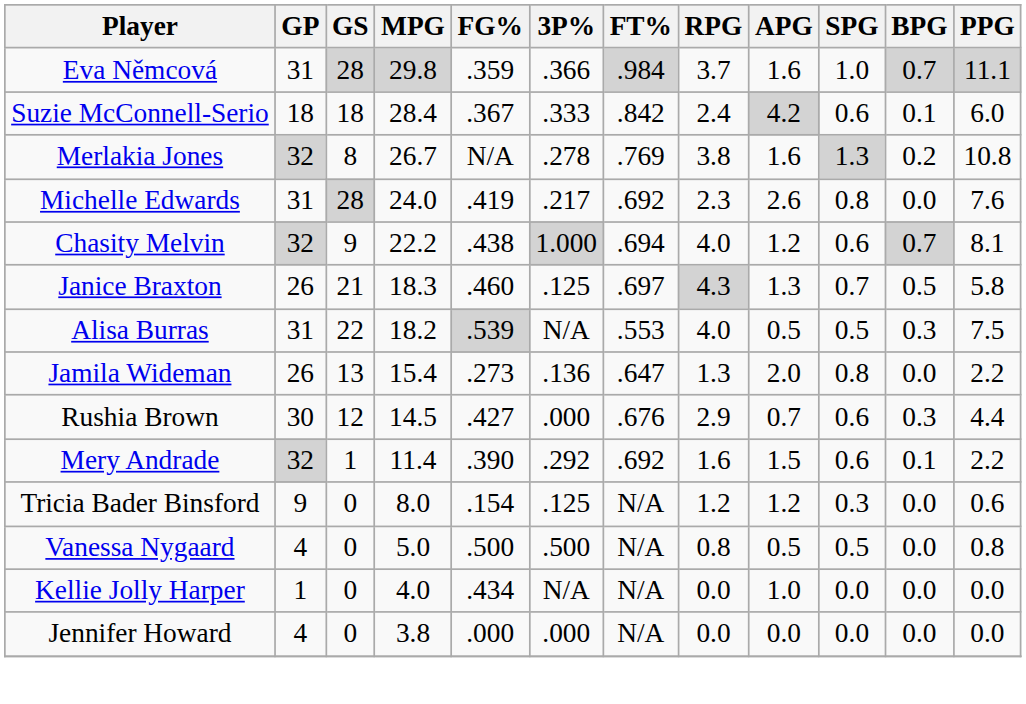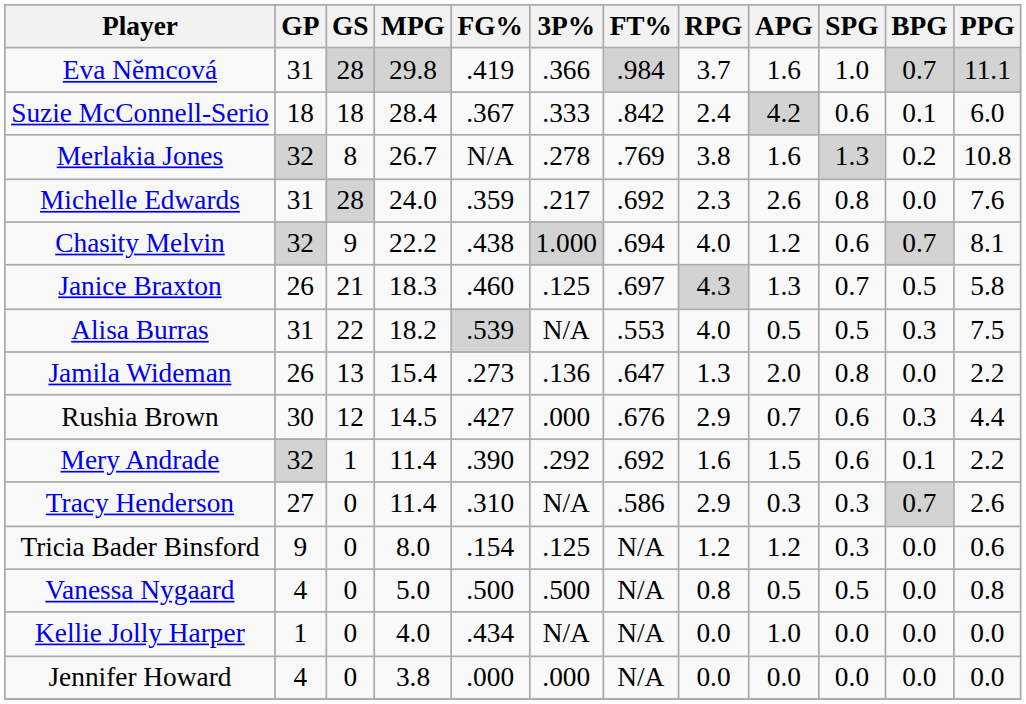 <table class="wikitable sortable" style="text-align:center;">
 <tr>
 <th>Player</th>
 <th>GP</th>
 <th>GS</th>
 <th>MPG</th>
 <th>FG%</th>
 <th>3P%</th>
 <th>FT%</th>
 <th>RPG</th>
 <th>APG</th>
 <th>SPG</th>
 <th>BPG</th>
 <th>PPG</th>
 </tr>
 <tr>
 <td><a href='#'>Eva Němcová</a></td>
 <td>31</td>
 <td style="background:#D3D3D3;">28</td>
 <td style="background:#D3D3D3;">29.8</td>
-<td>.359</td>
+<td>.419</td>
 <td>.366</td>
 <td style="background:#D3D3D3;">.984</td>
 <td>3.7</td>
 <td>1.6</td>
 <td>1.0</td>
 <td style="background:#D3D3D3;">0.7</td>
 <td style="background:#D3D3D3;">11.1</td>
 </tr>
 <tr>
 <td><a href='#'>Suzie McConnell-Serio</a></td>
 <td>18</td>
 <td>18</td>
 <td>28.4</td>
 <td>.367</td>
 <td>.333</td>
 <td>.842</td>
 <td>2.4</td>
 <td style="background:#D3D3D3;">4.2</td>
 <td>0.6</td>
 <td>0.1</td>
 <td>6.0</td>
 </tr>
 <tr>
 <td><a href='#'>Merlakia Jones</a></td>
 <td style="background:#D3D3D3;">32</td>
 <td>8</td>
 <td>26.7</td>
 <td>N/A</td>
 <td>.278</td>
 <td>.769</td>
 <td>3.8</td>
 <td>1.6</td>
 <td style="background:#D3D3D3;">1.3</td>
 <td>0.2</td>
 <td>10.8</td>
 </tr>
 <tr>
 <td><a href='#'>Michelle Edwards</a></td>
 <td>31</td>
 <td style="background:#D3D3D3;">28</td>
 <td>24.0</td>
-<td>.419</td>
+<td>.359</td>
 <td>.217</td>
 <td>.692</td>
 <td>2.3</td>
 <td>2.6</td>
 <td>0.8</td>
 <td>0.0</td>
 <td>7.6</td>
 </tr>
 <tr>
 <td><a href='#'>Chasity Melvin</a></td>
 <td style="background:#D3D3D3;">32</td>
 <td>9</td>
 <td>22.2</td>
 <td>.438</td>
 <td style="background:#D3D3D3;">1.000</td>
 <td>.694</td>
 <td>4.0</td>
 <td>1.2</td>
 <td>0.6</td>
 <td style="background:#D3D3D3;">0.7</td>
 <td>8.1</td>
 </tr>
 <tr>
 <td><a href='#'>Janice Braxton</a></td>
 <td>26</td>
 <td>21</td>
 <td>18.3</td>
 <td>.460</td>
 <td>.125</td>
 <td>.697</td>
 <td style="background:#D3D3D3;">4.3</td>
 <td>1.3</td>
 <td>0.7</td>
 <td>0.5</td>
 <td>5.8</td>
 </tr>
 <tr>
 <td><a href='#'>Alisa Burras</a></td>
 <td>31</td>
 <td>22</td>
 <td>18.2</td>
 <td style="background:#D3D3D3;">.539</td>
 <td>N/A</td>
 <td>.553</td>
 <td>4.0</td>
 <td>0.5</td>
 <td>0.5</td>
 <td>0.3</td>
 <td>7.5</td>
 </tr>
 <tr>
 <td><a href='#'>Jamila Wideman</a></td>
 <td>26</td>
 <td>13</td>
 <td>15.4</td>
 <td>.273</td>
 <td>.136</td>
 <td>.647</td>
 <td>1.3</td>
 <td>2.0</td>
 <td>0.8</td>
 <td>0.0</td>
 <td>2.2</td>
 </tr>
 <tr>
 <td>Rushia Brown</td>
 <td>30</td>
 <td>12</td>
 <td>14.5</td>
 <td>.427</td>
 <td>.000</td>
 <td>.676</td>
 <td>2.9</td>
 <td>0.7</td>
 <td>0.6</td>
 <td>0.3</td>
 <td>4.4</td>
 </tr>
 <tr>
 <td><a href='#'>Mery Andrade</a></td>
 <td style="background:#D3D3D3;">32</td>
 <td>1</td>
 <td>11.4</td>
 <td>.390</td>
 <td>.292</td>
 <td>.692</td>
 <td>1.6</td>
 <td>1.5</td>
 <td>0.6</td>
 <td>0.1</td>
 <td>2.2</td>
 </tr>
 <tr>
+<td><a href='#'>Tracy Henderson</a></td>
+<td>27</td>
+<td>0</td>
+<td>11.4</td>
+<td>.310</td>
+<td>N/A</td>
+<td>.586</td>
+<td>2.9</td>
+<td>0.3</td>
+<td>0.3</td>
+<td style="background:#D3D3D3;">0.7</td>
+<td>2.6</td>
+</tr>
+<tr>
 <td>Tricia Bader Binsford</td>
 <td>9</td>
 <td>0</td>
 <td>8.0</td>
 <td>.154</td>
 <td>.125</td>
 <td>N/A</td>
 <td>1.2</td>
 <td>1.2</td>
 <td>0.3</td>
 <td>0.0</td>
 <td>0.6</td>
 </tr>
 <tr>
 <td><a href='#'>Vanessa Nygaard</a></td>
 <td>4</td>
 <td>0</td>
 <td>5.0</td>
 <td>.500</td>
 <td>.500</td>
 <td>N/A</td>
 <td>0.8</td>
 <td>0.5</td>
 <td>0.5</td>
 <td>0.0</td>
 <td>0.8</td>
 </tr>
 <tr>
 <td><a href='#'>Kellie Jolly Harper</a></td>
 <td>1</td>
 <td>0</td>
 <td>4.0</td>
 <td>.434</td>
 <td>N/A</td>
 <td>N/A</td>
 <td>0.0</td>
 <td>1.0</td>
 <td>0.0</td>
 <td>0.0</td>
 <td>0.0</td>
 </tr>
 <tr>
 <td>Jennifer Howard</td>
 <td>4</td>
 <td>0</td>
 <td>3.8</td>
 <td>.000</td>
 <td>.000</td>
 <td>N/A</td>
 <td>0.0</td>
 <td>0.0</td>
 <td>0.0</td>
 <td>0.0</td>
 <td>0.0</td>
 </tr>
 <tr>
 </tr>
 </table>
